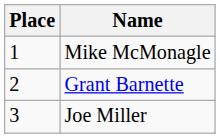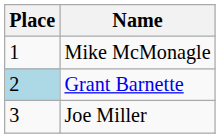 <table class="wikitable">
 <tr>
 <th>Place</th>
 <th>Name</th>
 </tr>
 <tr>
 <td>1</td>
 <td> Mike McMonagle</td>
 </tr>
 <tr>
-<td>2</td>
+<td style="background: lightblue;">2</td>
 <td> <a href='#'>Grant Barnette</a></td>
 </tr>
 <tr>
 <td>3</td>
 <td> Joe Miller</td>
 </tr>
 </table>
